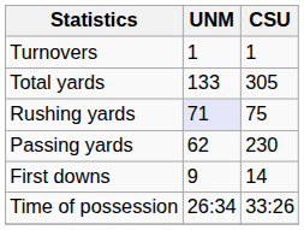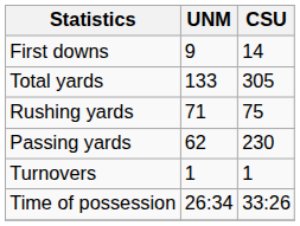 <table class="wikitable">
 <tr>
 <th>Statistics</th>
 <th>UNM</th>
 <th>CSU</th>
 </tr>
 <tr>
-<td>Turnovers</td>
-<td>1</td>
-<td>1</td>
+<td>First downs</td>
+<td>9</td>
+<td>14</td>
 </tr>
 <tr>
 <td>Total yards</td>
 <td>133</td>
 <td>305</td>
 </tr>
 <tr>
 <td>Rushing yards</td>
-<td style="background: lavender;">71</td>
+<td>71</td>
 <td>75</td>
 </tr>
 <tr>
 <td>Passing yards</td>
 <td>62</td>
 <td>230</td>
 </tr>
 <tr>
-<td>First downs</td>
-<td>9</td>
-<td>14</td>
+<td>Turnovers</td>
+<td>1</td>
+<td>1</td>
 </tr>
 <tr>
 <td>Time of possession</td>
 <td>26:34</td>
 <td>33:26</td>
 </tr>
 <tr>
 </tr>
 </table>
